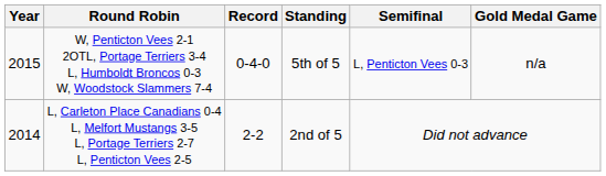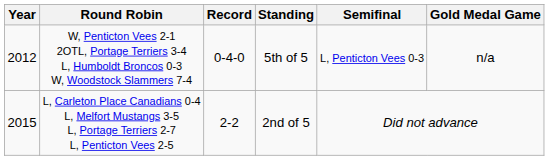 <table class="wikitable" style="text-align:center;">
 <tr>
 <th>Year</th>
 <th>Round Robin</th>
 <th>Record</th>
 <th>Standing</th>
 <th>Semifinal</th>
 <th>Gold Medal Game</th>
 </tr>
 <tr>
-<td>2015</td>
+<td>2012</td>
 <td><small>W, <a href='#'>Penticton Vees</a> 2-1<br>2OTL, <a href='#'>Portage Terriers</a> 3-4<br>L, <a href='#'>Humboldt Broncos</a> 0-3<br>W, <a href='#'>Woodstock Slammers</a> 7-4</small></td>
 <td>0-4-0</td>
 <td>5th of 5</td>
 <td><small>L, <a href='#'>Penticton Vees</a> 0-3</small></td>
 <td>n/a</td>
 </tr>
 <tr>
-<td>2014</td>
+<td>2015</td>
 <td><small>L, <a href='#'>Carleton Place Canadians</a> 0-4 <br>L, <a href='#'>Melfort Mustangs</a> 3-5<br>L, <a href='#'>Portage Terriers</a> 2-7<br>L, <a href='#'>Penticton Vees</a> 2-5</small></td>
 <td>2-2</td>
 <td>2nd of 5</td>
 <td colspan=2><em>Did not advance</em></td>
 </tr>
 </table>
